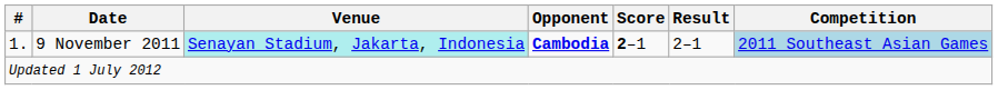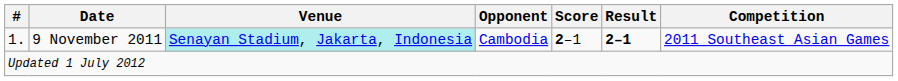 <table class="wikitable">
 <tr>
 <th>#</th>
 <th>Date</th>
 <th>Venue</th>
 <th>Opponent</th>
 <th>Score</th>
 <th>Result</th>
 <th>Competition</th>
 </tr>
 <tr>
 <td>1.</td>
 <td>9 November 2011</td>
 <td style="background: paleturquoise;"><a href='#'>Senayan Stadium</a>, <a href='#'>Jakarta</a>, <a href='#'>Indonesia</a></td>
-<td><strong> <a href='#'>Cambodia</a></strong></td>
+<td> <a href='#'>Cambodia</a></td>
 <td><strong>2</strong>–1</td>
-<td>2–1</td>
-<td style="background: lightblue;"><a href='#'>2011 Southeast Asian Games</a></td>
+<td><strong>2–1</strong></td>
+<td><a href='#'>2011 Southeast Asian Games</a></td>
 </tr>
 <tr>
 <td colspan="12"><small><em>Updated 1 July 2012</em></small></td>
 </tr>
 </table>
